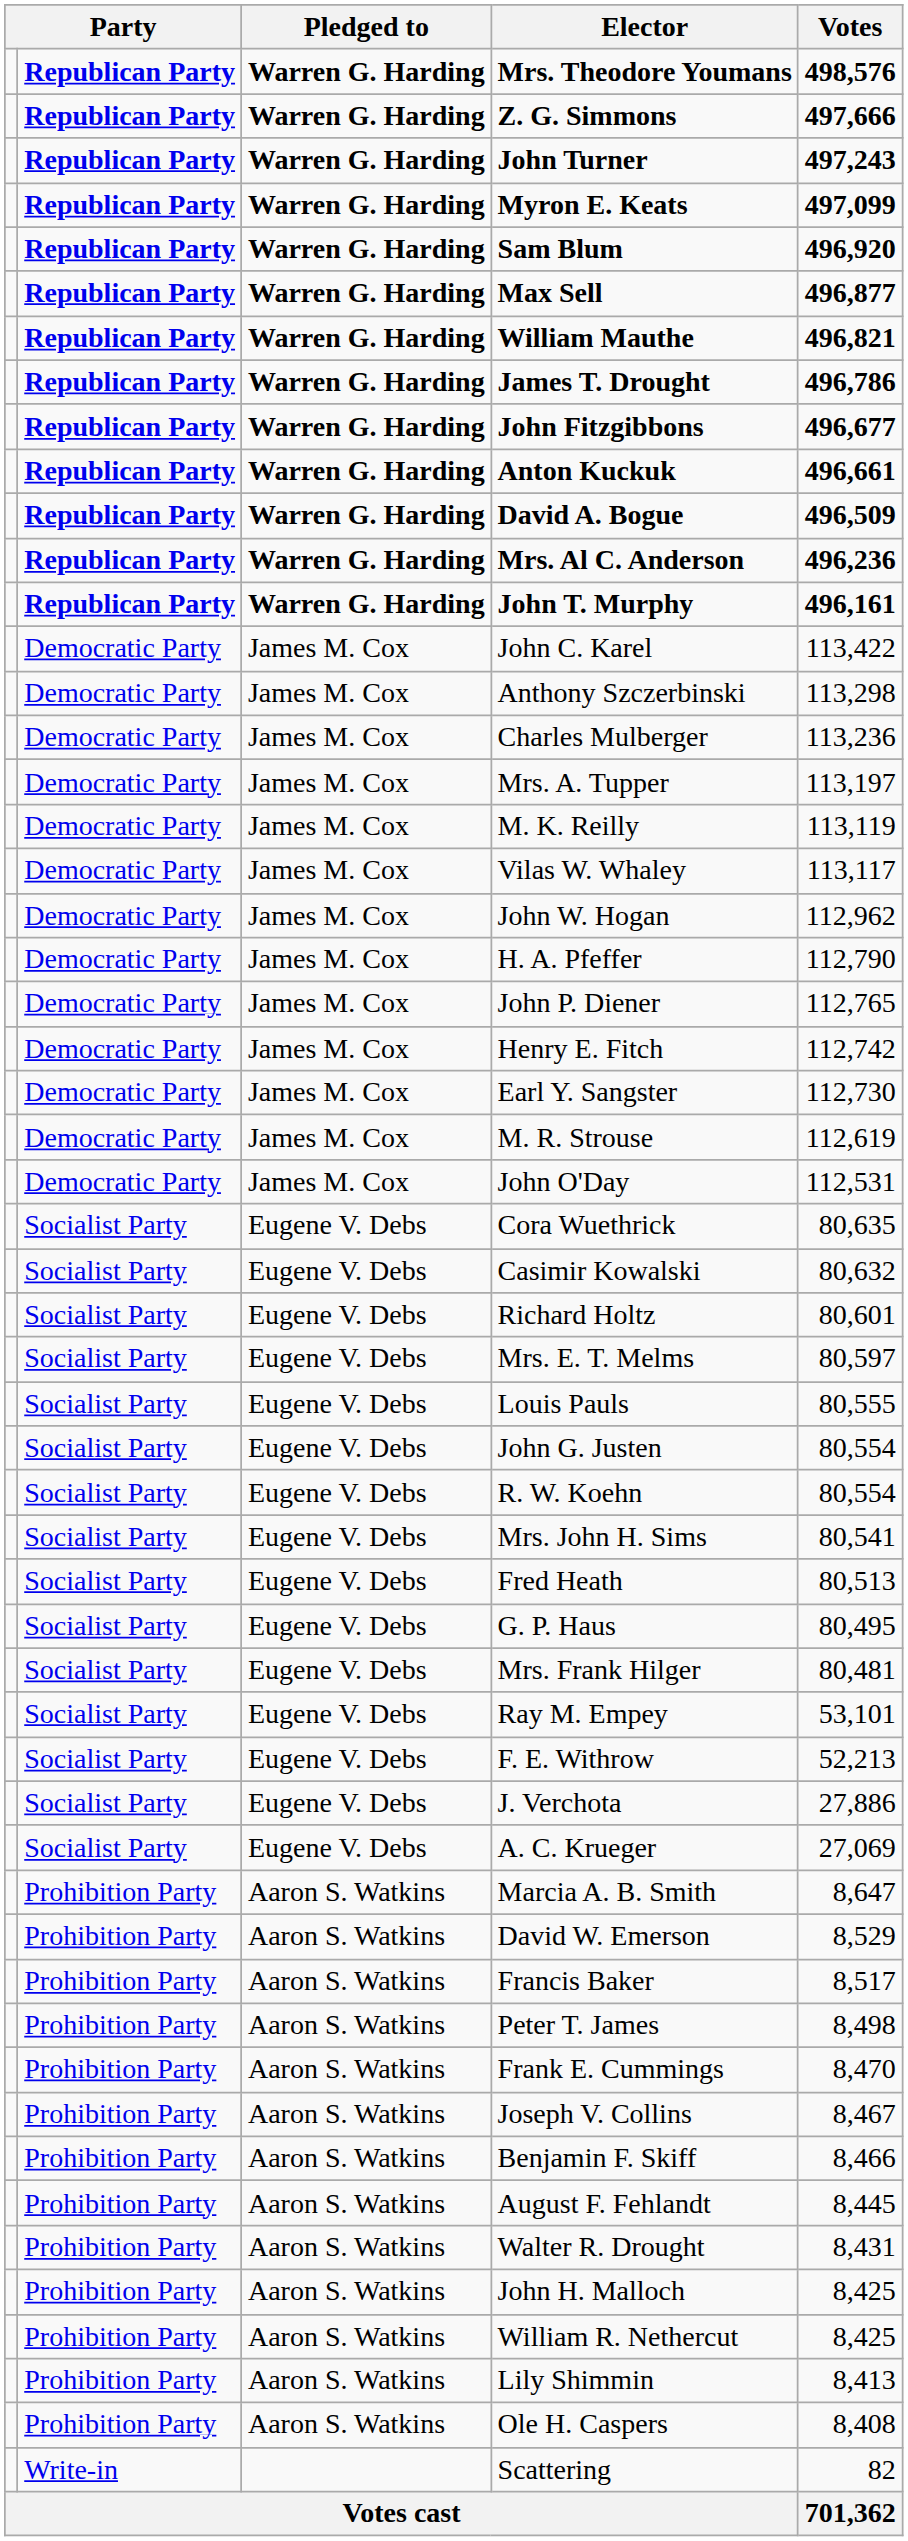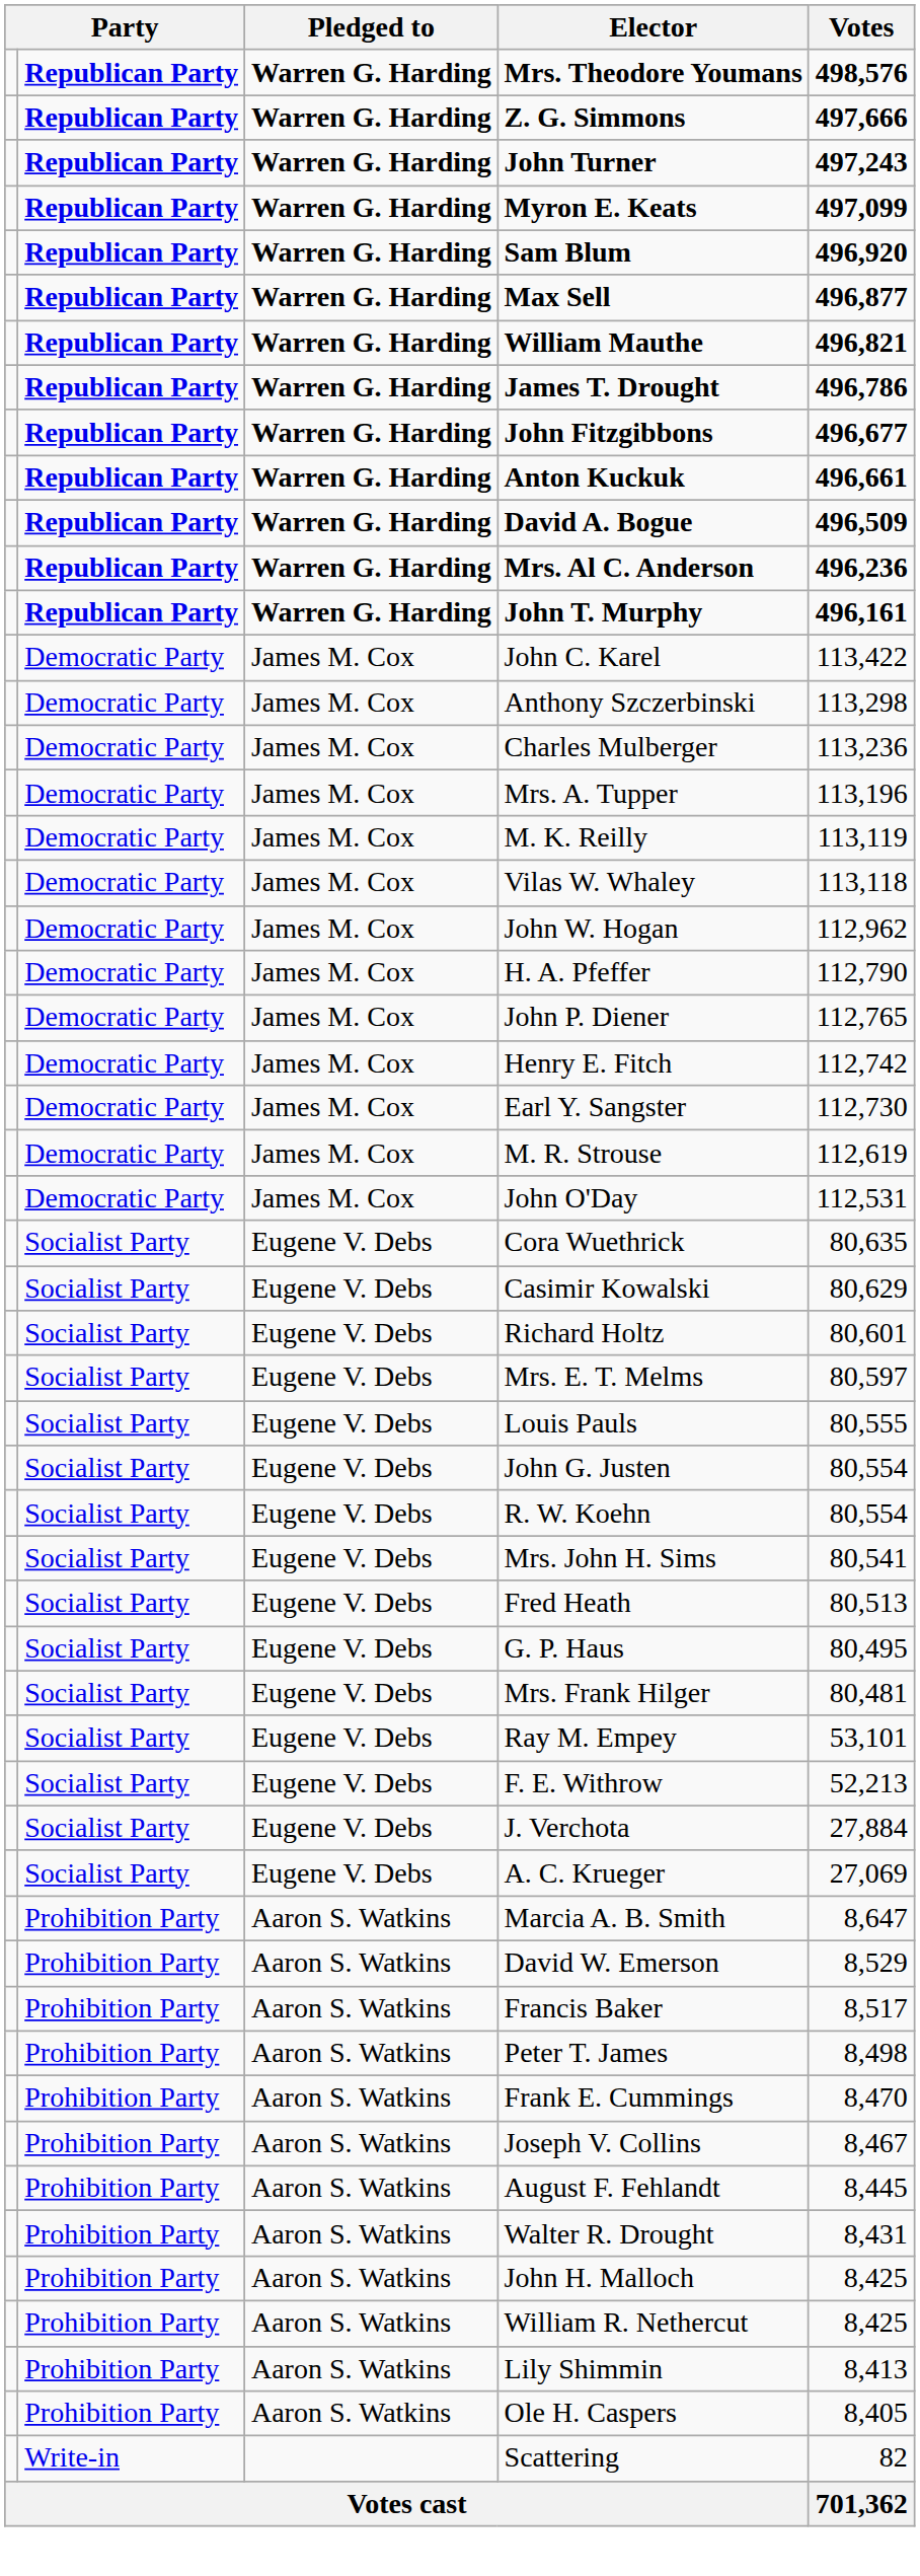 <table class="wikitable">
 <tr>
 <th colspan=2>Party</th>
 <th>Pledged to</th>
 <th>Elector</th>
 <th>Votes</th>
 </tr>
 <tr style="font-weight:bold">
 <td></td>
 <td><a href='#'>Republican Party</a></td>
 <td>Warren G. Harding</td>
 <td>Mrs. Theodore Youmans</td>
 <td align="right">498,576</td>
 </tr>
 <tr style="font-weight:bold">
 <td></td>
 <td><a href='#'>Republican Party</a></td>
 <td>Warren G. Harding</td>
 <td>Z. G. Simmons</td>
 <td align="right">497,666</td>
 </tr>
 <tr style="font-weight:bold">
 <td></td>
 <td><a href='#'>Republican Party</a></td>
 <td>Warren G. Harding</td>
 <td>John Turner</td>
 <td align="right">497,243</td>
 </tr>
 <tr style="font-weight:bold">
 <td></td>
 <td><a href='#'>Republican Party</a></td>
 <td>Warren G. Harding</td>
 <td>Myron E. Keats</td>
 <td align="right">497,099</td>
 </tr>
 <tr style="font-weight:bold">
 <td></td>
 <td><a href='#'>Republican Party</a></td>
 <td>Warren G. Harding</td>
 <td>Sam Blum</td>
 <td align="right">496,920</td>
 </tr>
 <tr style="font-weight:bold">
 <td></td>
 <td><a href='#'>Republican Party</a></td>
 <td>Warren G. Harding</td>
 <td>Max Sell</td>
 <td align="right">496,877</td>
 </tr>
 <tr style="font-weight:bold">
 <td></td>
 <td><a href='#'>Republican Party</a></td>
 <td>Warren G. Harding</td>
 <td>William Mauthe</td>
 <td align="right">496,821</td>
 </tr>
 <tr style="font-weight:bold">
 <td></td>
 <td><a href='#'>Republican Party</a></td>
 <td>Warren G. Harding</td>
 <td>James T. Drought</td>
 <td align="right">496,786</td>
 </tr>
 <tr style="font-weight:bold">
 <td></td>
 <td><a href='#'>Republican Party</a></td>
 <td>Warren G. Harding</td>
 <td>John Fitzgibbons</td>
 <td align="right">496,677</td>
 </tr>
 <tr style="font-weight:bold">
 <td></td>
 <td><a href='#'>Republican Party</a></td>
 <td>Warren G. Harding</td>
 <td>Anton Kuckuk</td>
 <td align="right">496,661</td>
 </tr>
 <tr style="font-weight:bold">
 <td></td>
 <td><a href='#'>Republican Party</a></td>
 <td>Warren G. Harding</td>
 <td>David A. Bogue</td>
 <td align="right">496,509</td>
 </tr>
 <tr style="font-weight:bold">
 <td></td>
 <td><a href='#'>Republican Party</a></td>
 <td>Warren G. Harding</td>
 <td>Mrs. Al C. Anderson</td>
 <td align="right">496,236</td>
 </tr>
 <tr style="font-weight:bold">
 <td></td>
 <td><a href='#'>Republican Party</a></td>
 <td>Warren G. Harding</td>
 <td>John T. Murphy</td>
 <td align="right">496,161</td>
 </tr>
 <tr>
 <td></td>
 <td><a href='#'>Democratic Party</a></td>
 <td>James M. Cox</td>
 <td>John C. Karel</td>
 <td align="right">113,422</td>
 </tr>
 <tr>
 <td></td>
 <td><a href='#'>Democratic Party</a></td>
 <td>James M. Cox</td>
 <td>Anthony Szczerbinski</td>
 <td align="right">113,298</td>
 </tr>
 <tr>
 <td></td>
 <td><a href='#'>Democratic Party</a></td>
 <td>James M. Cox</td>
 <td>Charles Mulberger</td>
 <td align="right">113,236</td>
 </tr>
 <tr>
 <td></td>
 <td><a href='#'>Democratic Party</a></td>
 <td>James M. Cox</td>
 <td>Mrs. A. Tupper</td>
-<td align="right">113,197</td>
+<td align="right">113,196</td>
 </tr>
 <tr>
 <td></td>
 <td><a href='#'>Democratic Party</a></td>
 <td>James M. Cox</td>
 <td>M. K. Reilly</td>
 <td align="right">113,119</td>
 </tr>
 <tr>
 <td></td>
 <td><a href='#'>Democratic Party</a></td>
 <td>James M. Cox</td>
 <td>Vilas W. Whaley</td>
-<td align="right">113,117</td>
+<td align="right">113,118</td>
 </tr>
 <tr>
 <td></td>
 <td><a href='#'>Democratic Party</a></td>
 <td>James M. Cox</td>
 <td>John W. Hogan</td>
 <td align="right">112,962</td>
 </tr>
 <tr>
 <td></td>
 <td><a href='#'>Democratic Party</a></td>
 <td>James M. Cox</td>
 <td>H. A. Pfeffer</td>
 <td align="right">112,790</td>
 </tr>
 <tr>
 <td></td>
 <td><a href='#'>Democratic Party</a></td>
 <td>James M. Cox</td>
 <td>John P. Diener</td>
 <td align="right">112,765</td>
 </tr>
 <tr>
 <td></td>
 <td><a href='#'>Democratic Party</a></td>
 <td>James M. Cox</td>
 <td>Henry E. Fitch</td>
 <td align="right">112,742</td>
 </tr>
 <tr>
 <td></td>
 <td><a href='#'>Democratic Party</a></td>
 <td>James M. Cox</td>
 <td>Earl Y. Sangster</td>
 <td align="right">112,730</td>
 </tr>
 <tr>
 <td></td>
 <td><a href='#'>Democratic Party</a></td>
 <td>James M. Cox</td>
 <td>M. R. Strouse</td>
 <td align="right">112,619</td>
 </tr>
 <tr>
 <td></td>
 <td><a href='#'>Democratic Party</a></td>
 <td>James M. Cox</td>
 <td>John O'Day</td>
 <td align="right">112,531</td>
 </tr>
 <tr>
 <td></td>
 <td><a href='#'>Socialist Party</a></td>
 <td>Eugene V. Debs</td>
 <td>Cora Wuethrick</td>
 <td align="right">80,635</td>
 </tr>
 <tr>
 <td></td>
 <td><a href='#'>Socialist Party</a></td>
 <td>Eugene V. Debs</td>
 <td>Casimir Kowalski</td>
-<td align="right">80,632</td>
+<td align="right">80,629</td>
 </tr>
 <tr>
 <td></td>
 <td><a href='#'>Socialist Party</a></td>
 <td>Eugene V. Debs</td>
 <td>Richard Holtz</td>
 <td align="right">80,601</td>
 </tr>
 <tr>
 <td></td>
 <td><a href='#'>Socialist Party</a></td>
 <td>Eugene V. Debs</td>
 <td>Mrs. E. T. Melms</td>
 <td align="right">80,597</td>
 </tr>
 <tr>
 <td></td>
 <td><a href='#'>Socialist Party</a></td>
 <td>Eugene V. Debs</td>
 <td>Louis Pauls</td>
 <td align="right">80,555</td>
 </tr>
 <tr>
 <td></td>
 <td><a href='#'>Socialist Party</a></td>
 <td>Eugene V. Debs</td>
 <td>John G. Justen</td>
 <td align="right">80,554</td>
 </tr>
 <tr>
 <td></td>
 <td><a href='#'>Socialist Party</a></td>
 <td>Eugene V. Debs</td>
 <td>R. W. Koehn</td>
 <td align="right">80,554</td>
 </tr>
 <tr>
 <td></td>
 <td><a href='#'>Socialist Party</a></td>
 <td>Eugene V. Debs</td>
 <td>Mrs. John H. Sims</td>
 <td align="right">80,541</td>
 </tr>
 <tr>
 <td></td>
 <td><a href='#'>Socialist Party</a></td>
 <td>Eugene V. Debs</td>
 <td>Fred Heath</td>
 <td align="right">80,513</td>
 </tr>
 <tr>
 <td></td>
 <td><a href='#'>Socialist Party</a></td>
 <td>Eugene V. Debs</td>
 <td>G. P. Haus</td>
 <td align="right">80,495</td>
 </tr>
 <tr>
 <td></td>
 <td><a href='#'>Socialist Party</a></td>
 <td>Eugene V. Debs</td>
 <td>Mrs. Frank Hilger</td>
 <td align="right">80,481</td>
 </tr>
 <tr>
 <td></td>
 <td><a href='#'>Socialist Party</a></td>
 <td>Eugene V. Debs</td>
 <td>Ray M. Empey</td>
 <td align="right">53,101</td>
 </tr>
 <tr>
 <td></td>
 <td><a href='#'>Socialist Party</a></td>
 <td>Eugene V. Debs</td>
 <td>F. E. Withrow</td>
 <td align="right">52,213</td>
 </tr>
 <tr>
 <td></td>
 <td><a href='#'>Socialist Party</a></td>
 <td>Eugene V. Debs</td>
 <td>J. Verchota</td>
-<td align="right">27,886</td>
+<td align="right">27,884</td>
 </tr>
 <tr>
 <td></td>
 <td><a href='#'>Socialist Party</a></td>
 <td>Eugene V. Debs</td>
 <td>A. C. Krueger</td>
 <td align="right">27,069</td>
 </tr>
 <tr>
 <td></td>
 <td><a href='#'>Prohibition Party</a></td>
 <td>Aaron S. Watkins</td>
 <td>Marcia A. B. Smith</td>
 <td align="right">8,647</td>
 </tr>
 <tr>
 <td></td>
 <td><a href='#'>Prohibition Party</a></td>
 <td>Aaron S. Watkins</td>
 <td>David W. Emerson</td>
 <td align="right">8,529</td>
 </tr>
 <tr>
 <td></td>
 <td><a href='#'>Prohibition Party</a></td>
 <td>Aaron S. Watkins</td>
 <td>Francis Baker</td>
 <td align="right">8,517</td>
 </tr>
 <tr>
 <td></td>
 <td><a href='#'>Prohibition Party</a></td>
 <td>Aaron S. Watkins</td>
 <td>Peter T. James</td>
 <td align="right">8,498</td>
 </tr>
 <tr>
 <td></td>
 <td><a href='#'>Prohibition Party</a></td>
 <td>Aaron S. Watkins</td>
 <td>Frank E. Cummings</td>
 <td align="right">8,470</td>
 </tr>
 <tr>
 <td></td>
 <td><a href='#'>Prohibition Party</a></td>
 <td>Aaron S. Watkins</td>
 <td>Joseph V. Collins</td>
 <td align="right">8,467</td>
 </tr>
 <tr>
 <td></td>
 <td><a href='#'>Prohibition Party</a></td>
 <td>Aaron S. Watkins</td>
-<td>Benjamin F. Skiff</td>
-<td align="right">8,466</td>
-</tr>
-<tr>
-<td></td>
-<td><a href='#'>Prohibition Party</a></td>
-<td>Aaron S. Watkins</td>
 <td>August F. Fehlandt</td>
 <td align="right">8,445</td>
 </tr>
 <tr>
 <td></td>
 <td><a href='#'>Prohibition Party</a></td>
 <td>Aaron S. Watkins</td>
 <td>Walter R. Drought</td>
 <td align="right">8,431</td>
 </tr>
 <tr>
 <td></td>
 <td><a href='#'>Prohibition Party</a></td>
 <td>Aaron S. Watkins</td>
 <td>John H. Malloch</td>
 <td align="right">8,425</td>
 </tr>
 <tr>
 <td></td>
 <td><a href='#'>Prohibition Party</a></td>
 <td>Aaron S. Watkins</td>
 <td>William R. Nethercut</td>
 <td align="right">8,425</td>
 </tr>
 <tr>
 <td></td>
 <td><a href='#'>Prohibition Party</a></td>
 <td>Aaron S. Watkins</td>
 <td>Lily Shimmin</td>
 <td align="right">8,413</td>
 </tr>
 <tr>
 <td></td>
 <td><a href='#'>Prohibition Party</a></td>
 <td>Aaron S. Watkins</td>
 <td>Ole H. Caspers</td>
-<td align="right">8,408</td>
+<td align="right">8,405</td>
 </tr>
 <tr>
 <td></td>
 <td><a href='#'>Write-in</a></td>
 <td></td>
 <td>Scattering</td>
 <td align="right">82</td>
 </tr>
 <tr>
 <th colspan="4">Votes cast</th>
 <th>701,362</th>
 </tr>
 </table>
